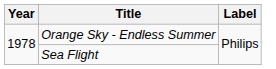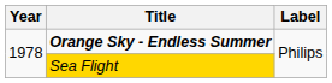 <table class="wikitable">
 <tr>
 <th>Year</th>
 <th>Title</th>
 <th>Label</th>
 </tr>
 <tr>
 <td rowspan=2 align=center>1978</td>
-<td><em>Orange Sky - Endless Summer</em></td>
+<td><strong><em>Orange Sky - Endless Summer</em></strong></td>
 <td rowspan=2 align=center>Philips</td>
 </tr>
 <tr>
-<td><em>Sea Flight</em></td>
+<td style="background: gold;"><em>Sea Flight</em></td>
 </tr>
 </table>
